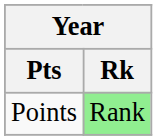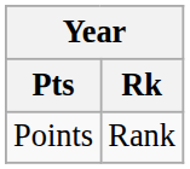 <table class="wikitable" style="font-size: 90%">
 <tr>
 <th colspan=2>Year</th>
 </tr>
 <tr>
 <th>Pts</th>
 <th>Rk</th>
 </tr>
 <tr>
 <td>Points</td>
-<td style="background: lightgreen;">Rank</td>
+<td>Rank</td>
 </tr>
 </table>
